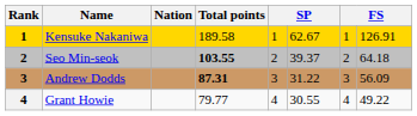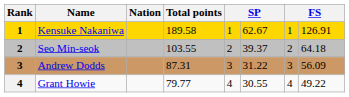 <table class="wikitable sortable">
 <tr>
 <th>Rank</th>
 <th>Name</th>
 <th>Nation</th>
 <th>Total points</th>
 <th colspan="2" width="80px"><a href='#'>SP</a></th>
 <th colspan="2" width="80px"><a href='#'>FS</a></th>
 </tr>
 <tr bgcolor="gold">
 <td align="center"><strong>1</strong></td>
 <td><a href='#'>Kensuke Nakaniwa</a></td>
 <td></td>
 <td>189.58</td>
 <td>1</td>
 <td>62.67</td>
 <td>1</td>
 <td>126.91</td>
 </tr>
 <tr bgcolor="silver">
 <td align="center"><strong>2</strong></td>
 <td><a href='#'>Seo Min-seok</a></td>
 <td></td>
-<td><strong>103.55</strong></td>
+<td>103.55</td>
 <td>2</td>
 <td>39.37</td>
 <td>2</td>
 <td>64.18</td>
 </tr>
 <tr bgcolor="cc9966">
 <td align="center"><strong>3</strong></td>
 <td><a href='#'>Andrew Dodds</a></td>
 <td></td>
-<td><strong>87.31</strong></td>
+<td>87.31</td>
 <td>3</td>
 <td>31.22</td>
 <td>3</td>
 <td>56.09</td>
 </tr>
 <tr>
 <th>4</th>
 <td><a href='#'>Grant Howie</a></td>
 <td></td>
 <td>79.77</td>
 <td>4</td>
 <td>30.55</td>
 <td>4</td>
 <td>49.22</td>
 </tr>
 </table>
